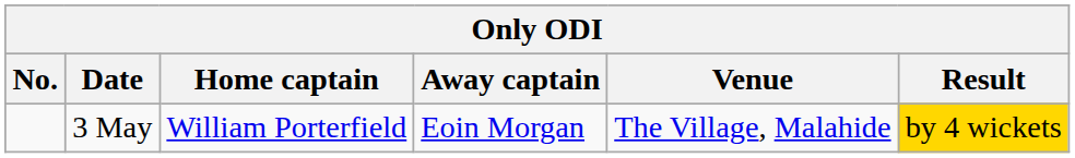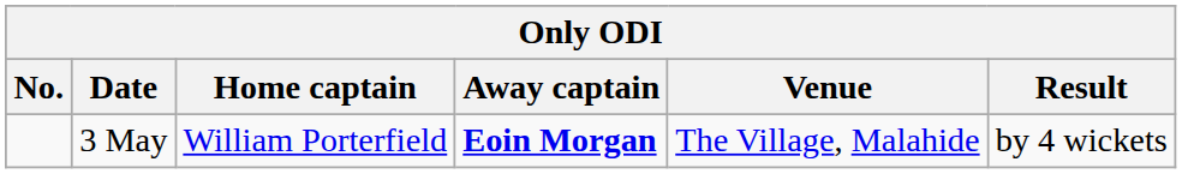 <table class="wikitable">
 <tr>
 <th colspan="6">Only ODI</th>
 </tr>
 <tr>
 <th>No.</th>
 <th>Date</th>
 <th>Home captain</th>
 <th>Away captain</th>
 <th>Venue</th>
 <th>Result</th>
 </tr>
 <tr>
 <td></td>
 <td>3 May</td>
 <td><a href='#'>William Porterfield</a></td>
-<td><a href='#'>Eoin Morgan</a></td>
+<td><strong><a href='#'>Eoin Morgan</a></strong></td>
 <td><a href='#'>The Village</a>, <a href='#'>Malahide</a></td>
-<td style="background: gold;"> by 4 wickets</td>
+<td> by 4 wickets</td>
 </tr>
 </table>
